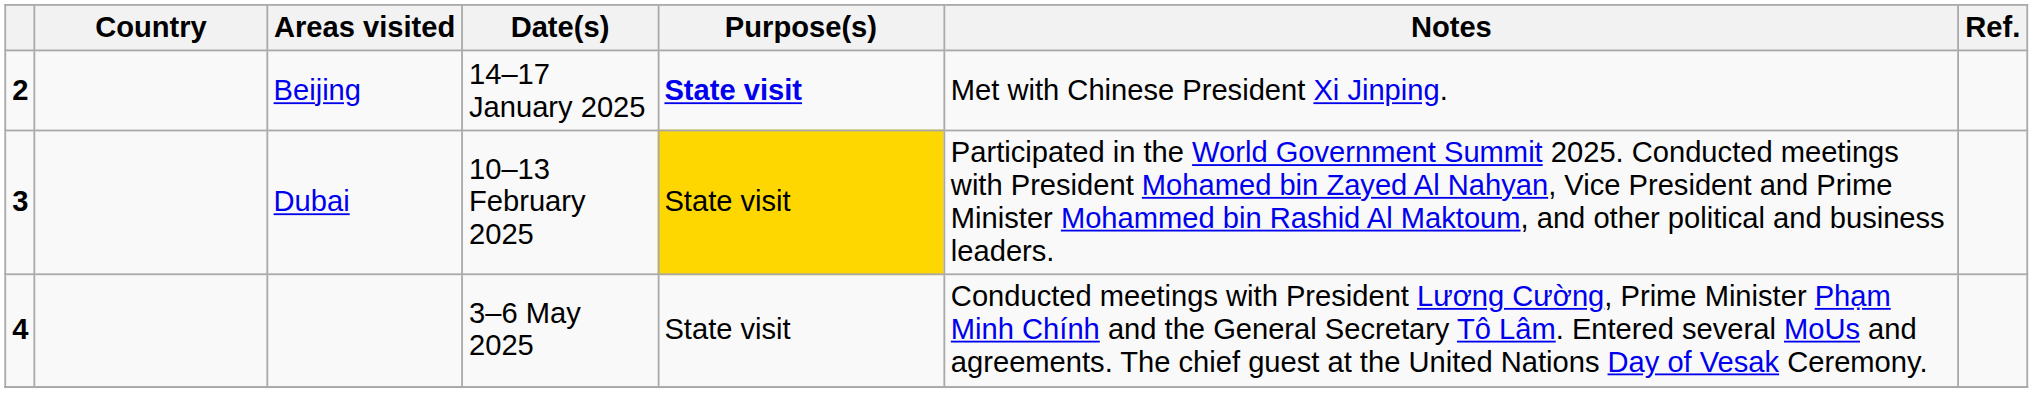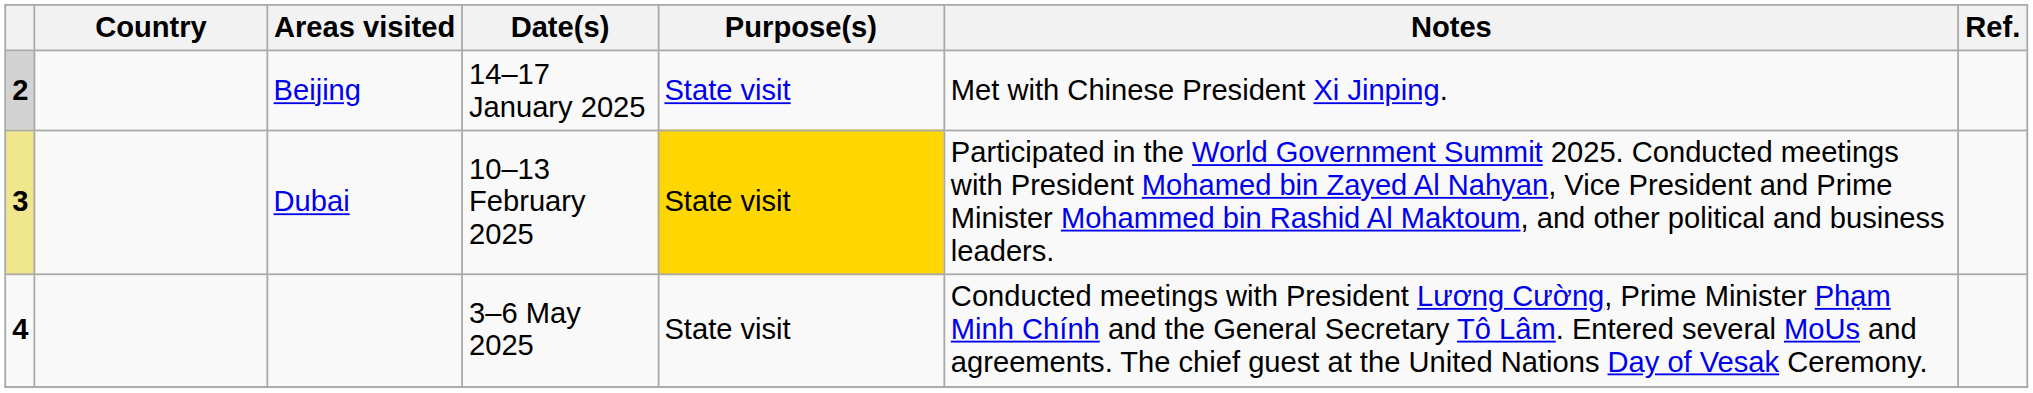 <table class="wikitable outercollapse sortable" style="margin: 1em auto 1em auto">
 <tr>
 <th></th>
 <th width=120>Country</th>
 <th width=100>Areas visited</th>
 <th width=100>Date(s)</th>
 <th width=150>Purpose(s)</th>
 <th class= "unsortable" width=550>Notes</th>
 <th class="unsortable">Ref.</th>
 </tr>
 <tr>
-<td rowspan=1 style="text-align:center"><strong>2</strong></td>
+<td rowspan=1 style="background: lightgrey; text-align:center"><strong>2</strong></td>
 <td></td>
 <td><a href='#'>Beijing</a></td>
 <td>14–17 January 2025</td>
-<td><strong><a href='#'>State visit</a></strong></td>
+<td><a href='#'>State visit</a></td>
 <td> Met with Chinese President <a href='#'>Xi Jinping</a>.</td>
 <td></td>
 </tr>
 <tr>
-<td rowspan=1 style="text-align:center"><strong>3</strong></td>
+<td rowspan=1 style="background: khaki; text-align:center"><strong>3</strong></td>
 <td></td>
 <td><a href='#'>Dubai</a></td>
 <td>10–13 February 2025</td>
 <td style="background: gold;">State visit</td>
 <td>Participated in the <a href='#'>World Government Summit</a> 2025. Conducted meetings with President <a href='#'>Mohamed bin Zayed Al Nahyan</a>, Vice President and Prime Minister <a href='#'>Mohammed bin Rashid Al Maktoum</a>, and other political and business leaders.</td>
 <td><br></td>
 </tr>
 <tr>
 <td rowspan=1 style="text-align:center"><strong>4</strong></td>
 <td></td>
 <td></td>
 <td>3–6 May 2025</td>
 <td>State visit</td>
 <td>Conducted meetings with President <a href='#'>Lương Cường</a>, Prime Minister <a href='#'>Phạm Minh Chính</a> and the General Secretary <a href='#'>Tô Lâm</a>. Entered several <a href='#'>MoUs</a> and agreements. The chief guest at the United Nations <a href='#'>Day of Vesak</a> Ceremony.</td>
 <td></td>
 </tr>
 <tr>
 </tr>
 </table>
